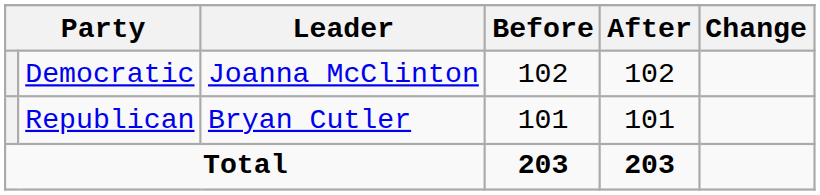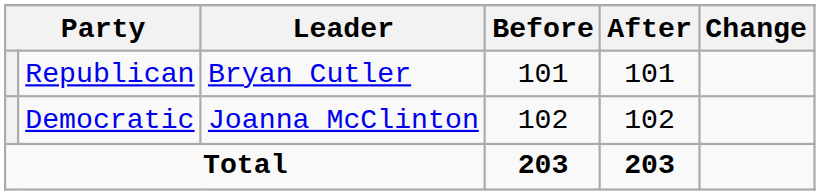 <table class="wikitable" style="text-align:center;">
 <tr>
 </tr>
 <tr>
 <th colspan="2">Party</th>
 <th>Leader</th>
 <th style="width:3em">Before</th>
 <th style="width:3em">After</th>
 <th style="width:3em">Change</th>
 </tr>
 <tr>
 <th style="background-color:"></th>
+<td style="text-align:left;"><a href='#'>Republican</a></td>
+<td style="text-align:left;"><a href='#'>Bryan Cutler</a></td>
+<td>101</td>
+<td>101</td>
+<td></td>
+</tr>
+<tr>
+<th style="background-color:"></th>
 <td style="text-align:left;"><a href='#'>Democratic</a></td>
 <td style="text-align:left;"><a href='#'>Joanna McClinton</a></td>
 <td>102</td>
 <td>102</td>
-<td></td>
-</tr>
-<tr>
-<th style="background-color:"></th>
-<td style="text-align:left;"><a href='#'>Republican</a></td>
-<td style="text-align:left;"><a href='#'>Bryan Cutler</a></td>
-<td>101</td>
-<td>101</td>
 <td></td>
 </tr>
 <tr>
 <td colspan="3"><strong>Total</strong></td>
 <td><strong>203</strong></td>
 <td><strong>203</strong></td>
 <td></td>
 </tr>
 </table>
